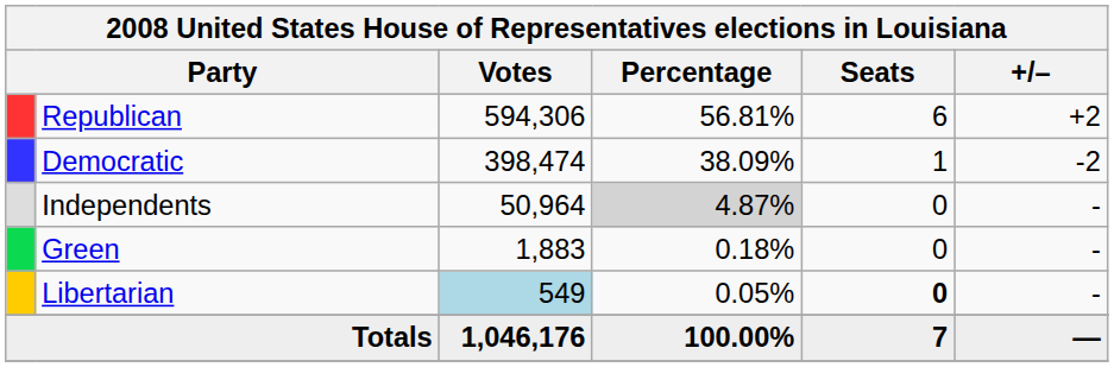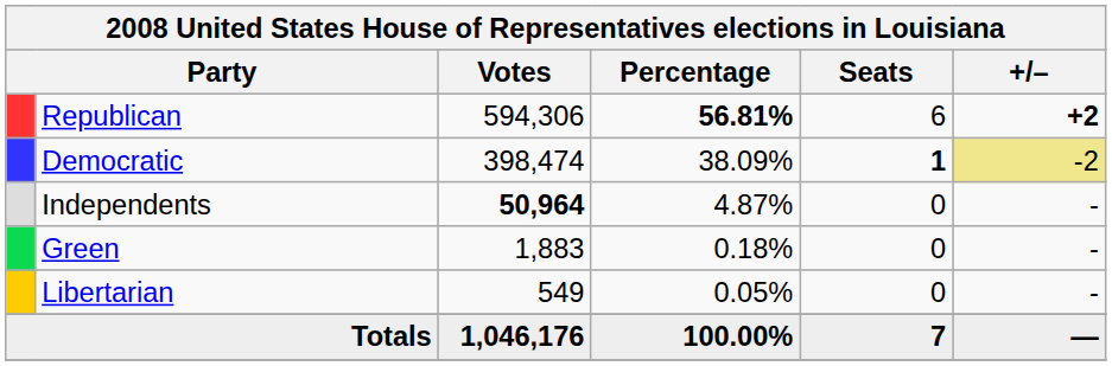 <table class="wikitable" style="font-size: 95%;">
 <tr>
 <th colspan="6">2008 United States House of Representatives elections in Louisiana</th>
 </tr>
 <tr>
 <th colspan=2 style="width: 15em">Party</th>
 <th style="width: 5em">Votes</th>
 <th style="width: 7em">Percentage</th>
 <th style="width: 5em">Seats</th>
 <th style="width: 5em">+/–</th>
 </tr>
 <tr>
 <th style="background-color:#FF3333; width: 3px"></th>
 <td style="width: 130px"><a href='#'>Republican</a></td>
 <td align="right">594,306</td>
-<td align="right">56.81%</td>
+<td align="right"><strong>56.81%</strong></td>
 <td align="right">6</td>
-<td align="right">+2</td>
+<td align="right"><strong>+2</strong></td>
 </tr>
 <tr>
 <th style="background-color:#3333FF; width: 3px"></th>
 <td style="width: 130px"><a href='#'>Democratic</a></td>
 <td align="right">398,474</td>
 <td align="right">38.09%</td>
-<td align="right">1</td>
-<td align="right">-2</td>
+<td align="right"><strong>1</strong></td>
+<td align="right" style="background: khaki;">-2</td>
 </tr>
 <tr>
 <th style="background-color:#DDDDDD; width: 3px"></th>
 <td style="width: 130px">Independents</td>
-<td align="right">50,964</td>
-<td align="right" style="background: lightgrey;">4.87%</td>
+<td align="right"><strong>50,964</strong></td>
+<td align="right">4.87%</td>
 <td align="right">0</td>
 <td align="right">-</td>
 </tr>
 <tr>
 <th style="background-color:#0BDA51; width: 3px"></th>
 <td style="width: 130px"><a href='#'>Green</a></td>
 <td align="right">1,883</td>
 <td align="right">0.18%</td>
 <td align="right">0</td>
 <td align="right">-</td>
 </tr>
 <tr>
 <th style="background-color:#FFCC00; width: 3px"></th>
 <td style="width: 130px"><a href='#'>Libertarian</a></td>
-<td align="right" style="background: lightblue;">549</td>
+<td align="right">549</td>
 <td align="right">0.05%</td>
-<td align="right"><strong>0</strong></td>
+<td align="right">0</td>
 <td align="right">-</td>
 </tr>
 <tr>
 </tr>
 <tr bgcolor="#EEEEEE">
 <td colspan="2" align="right"><strong>Totals</strong></td>
 <td align="right"><strong>1,046,176</strong></td>
 <td align="right"><strong>100.00%</strong></td>
 <td align="right"><strong>7</strong></td>
 <td align="right"><strong>—</strong></td>
 </tr>
 <tr bgcolor="#EEEEEE">
 </tr>
 </table>
